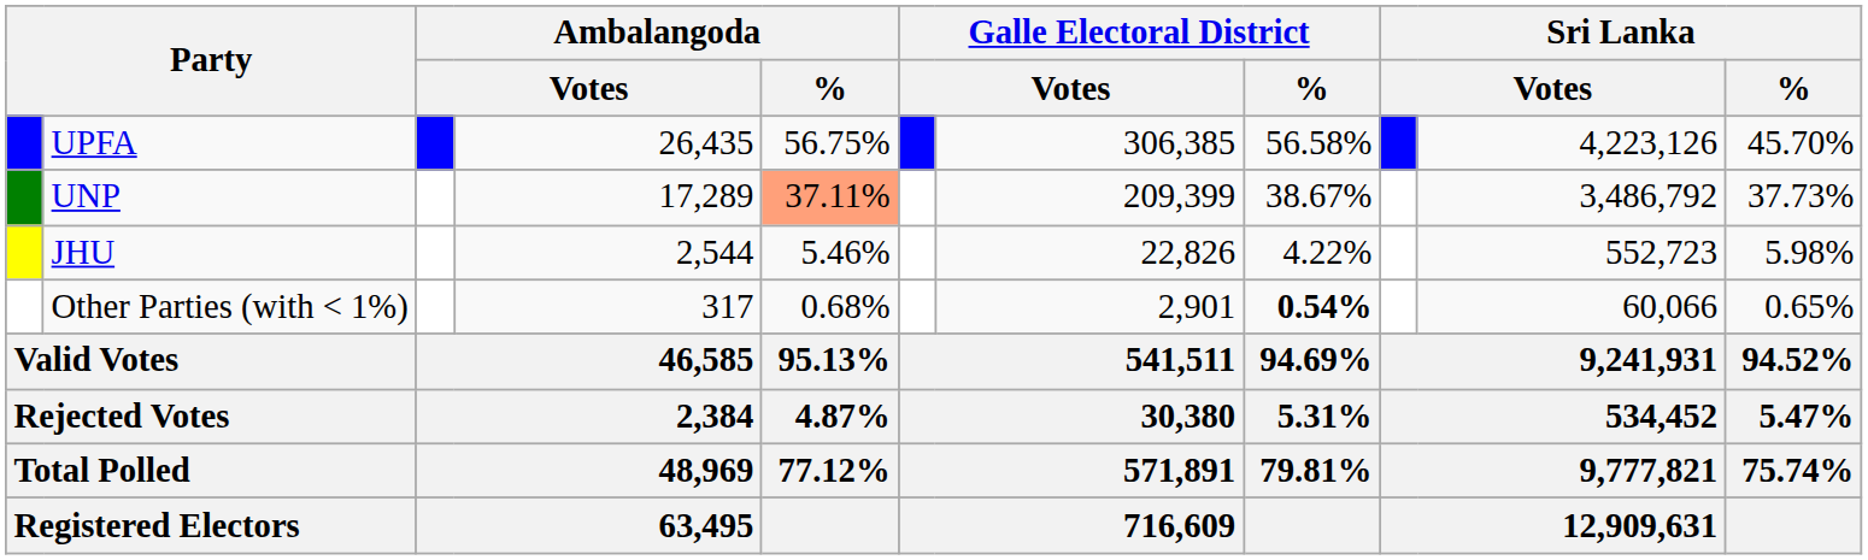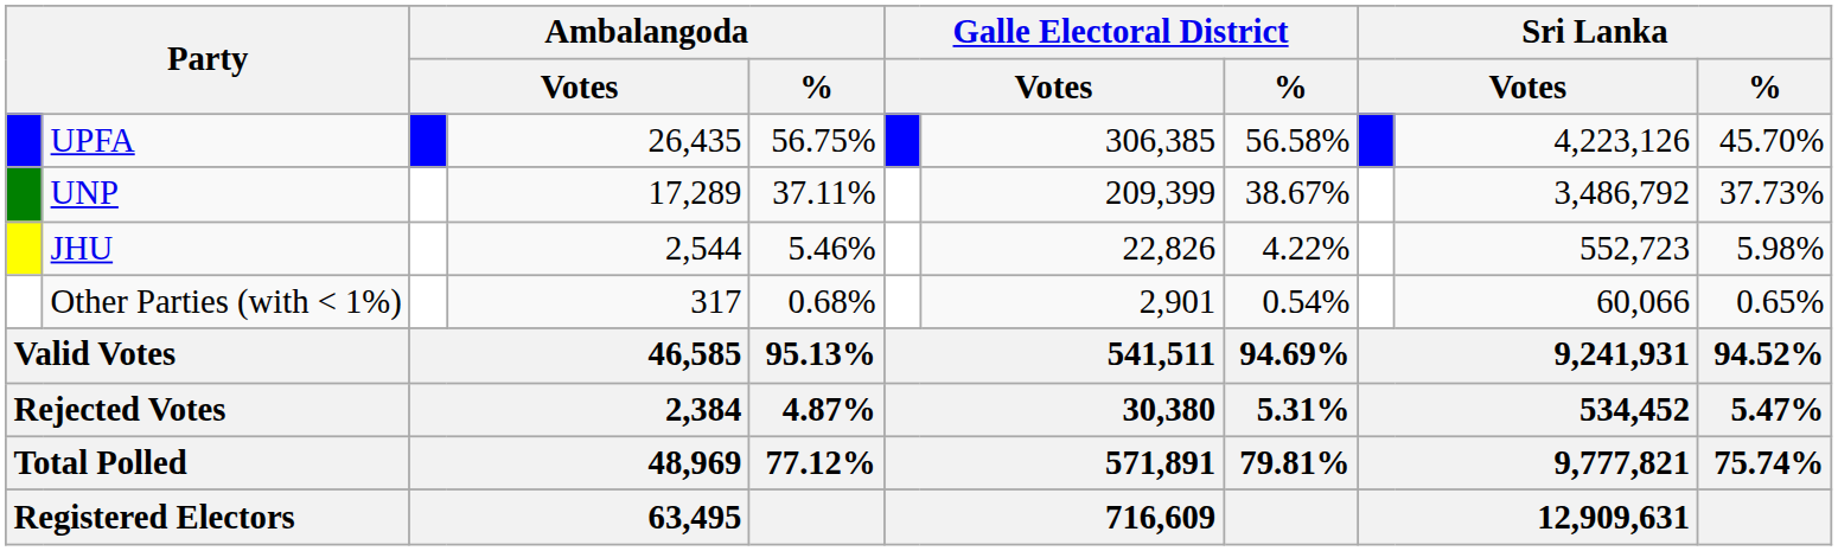 <table class="wikitable">
 <tr>
 <th colspan="2" width="144px"rowspan="2">Party</th>
 <th colspan="3" width="216px">Ambalangoda</th>
 <th colspan="3" width="216px"><a href='#'>Galle Electoral District</a></th>
 <th colspan="3" width="216px">Sri Lanka</th>
 </tr>
 <tr>
 <th colspan="2" width="144px">Votes</th>
 <th>%</th>
 <th colspan="2" width="144px">Votes</th>
 <th>%</th>
 <th colspan="2" width="144px">Votes</th>
 <th>%</th>
 </tr>
 <tr>
 <td style="background-color:blue;" width="10px"></td>
 <td style="text-align:left;"><a href='#'>UPFA</a></td>
 <td style="background-color:blue;" width="10px"></td>
 <td style="text-align:right;">26,435</td>
 <td style="text-align:right;">56.75%</td>
 <td style="background-color:blue;" width="10px"></td>
 <td style="text-align:right;">306,385</td>
 <td style="text-align:right;">56.58%</td>
 <td style="background-color:blue;" width="10px"></td>
 <td style="text-align:right;">4,223,126</td>
 <td style="text-align:right;">45.70%</td>
 </tr>
 <tr>
 <td style="background-color:green;" width="10px"></td>
 <td style="text-align:left;"><a href='#'>UNP</a></td>
 <td style="background-color:white;" width="10px"></td>
 <td style="text-align:right;">17,289</td>
-<td style="background: lightsalmon; text-align:right;">37.11%</td>
+<td style="text-align:right;">37.11%</td>
 <td style="background-color:white;" width="10px"></td>
 <td style="text-align:right;">209,399</td>
 <td style="text-align:right;">38.67%</td>
 <td style="background-color:white;" width="10px"></td>
 <td style="text-align:right;">3,486,792</td>
 <td style="text-align:right;">37.73%</td>
 </tr>
 <tr>
 <td style="background-color:yellow;" width="10px"></td>
 <td style="text-align:left;"><a href='#'>JHU</a></td>
 <td style="background-color:white;" width="10px"></td>
 <td style="text-align:right;">2,544</td>
 <td style="text-align:right;">5.46%</td>
 <td style="background-color:white;" width="10px"></td>
 <td style="text-align:right;">22,826</td>
 <td style="text-align:right;">4.22%</td>
 <td style="background-color:white;" width="10px"></td>
 <td style="text-align:right;">552,723</td>
 <td style="text-align:right;">5.98%</td>
 </tr>
 <tr>
 <td style="background-color:white;" width="10px"></td>
 <td style="text-align:left;">Other Parties (with < 1%)</td>
 <td style="background-color:white;" width="10px"></td>
 <td style="text-align:right;">317</td>
 <td style="text-align:right;">0.68%</td>
 <td style="background-color:white;" width="10px"></td>
 <td style="text-align:right;">2,901</td>
-<td style="text-align:right;"><strong>0.54%</strong></td>
+<td style="text-align:right;">0.54%</td>
 <td style="background-color:white;" width="10px"></td>
 <td style="text-align:right;">60,066</td>
 <td style="text-align:right;">0.65%</td>
 </tr>
 <tr>
 <th colspan="2" width="144px"style="text-align:left;">Valid Votes</th>
 <th style="text-align:right;"colspan="2" width="144px">46,585</th>
 <th style="text-align:right;">95.13%</th>
 <th style="text-align:right;"colspan="2" width="144px">541,511</th>
 <th style="text-align:right;">94.69%</th>
 <th style="text-align:right;"colspan="2" width="144px">9,241,931</th>
 <th style="text-align:right;">94.52%</th>
 </tr>
 <tr>
 <th colspan="2" width="144px"style="text-align:left;">Rejected Votes</th>
 <th style="text-align:right;"colspan="2" width="144px">2,384</th>
 <th style="text-align:right;">4.87%</th>
 <th style="text-align:right;"colspan="2" width="144px">30,380</th>
 <th style="text-align:right;">5.31%</th>
 <th style="text-align:right;"colspan="2" width="144px">534,452</th>
 <th style="text-align:right;">5.47%</th>
 </tr>
 <tr>
 <th colspan="2" width="144px"style="text-align:left;">Total Polled</th>
 <th style="text-align:right;"colspan="2" width="144px">48,969</th>
 <th style="text-align:right;">77.12%</th>
 <th style="text-align:right;"colspan="2" width="144px">571,891</th>
 <th style="text-align:right;">79.81%</th>
 <th style="text-align:right;"colspan="2" width="144px">9,777,821</th>
 <th style="text-align:right;">75.74%</th>
 </tr>
 <tr>
 <th colspan="2" width="144px"style="text-align:left;">Registered Electors</th>
 <th style="text-align:right;"colspan="2" width="144px">63,495</th>
 <th></th>
 <th style="text-align:right;"colspan="2" width="144px">716,609</th>
 <th></th>
 <th style="text-align:right;"colspan="2" width="144px">12,909,631</th>
 <th></th>
 </tr>
 </table>
